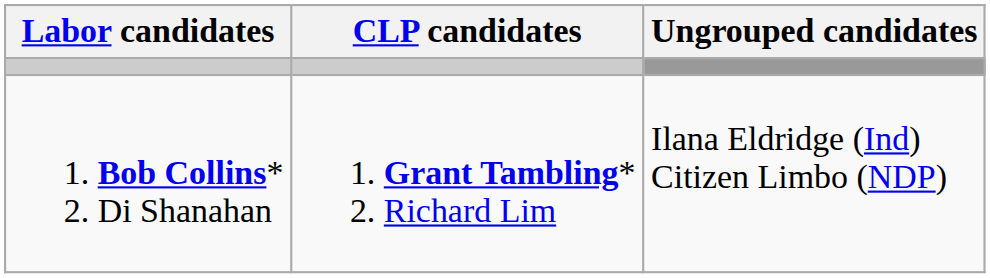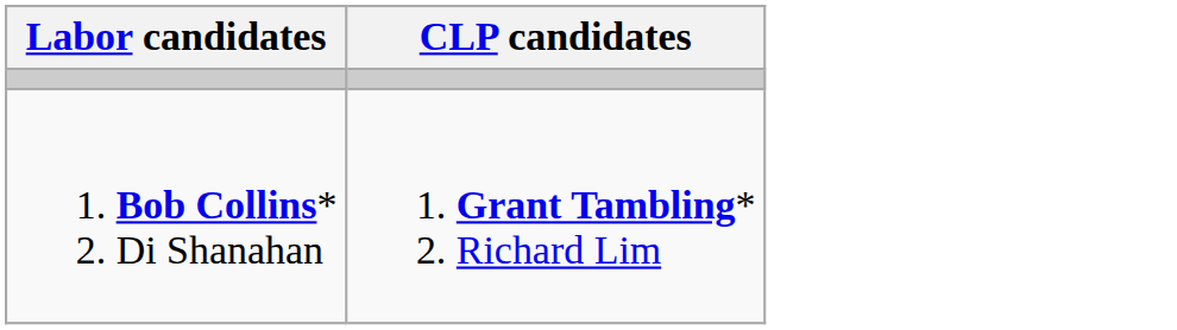 <table class="wikitable">
 <tr>
 <th><a href='#'>Labor</a> candidates</th>
 <th><a href='#'>CLP</a> candidates</th>
-<th>Ungrouped candidates</th>
 </tr>
 <tr bgcolor="#cccccc">
 <td></td>
 <td></td>
-<td bgcolor="#999999"></td>
 </tr>
 <tr>
 <td><br><ol><li><strong><a href='#'>Bob Collins</a></strong>*</li><li>Di Shanahan</li></ol></td>
 <td><br><ol><li><strong><a href='#'>Grant Tambling</a></strong>*</li><li><a href='#'>Richard Lim</a></li></ol></td>
-<td valign=top><br>Ilana Eldridge (<a href='#'>Ind</a>)<br> Citizen Limbo (<a href='#'>NDP</a>)</td>
 </tr>
 </table>
